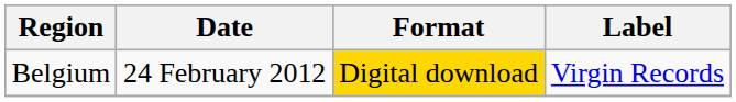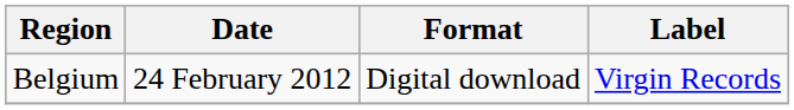 <table class=wikitable>
 <tr>
 <th>Region</th>
 <th>Date</th>
 <th>Format</th>
 <th>Label</th>
 </tr>
 <tr>
 <td>Belgium</td>
 <td>24 February 2012</td>
-<td style="background: gold;">Digital download</td>
+<td>Digital download</td>
 <td><a href='#'>Virgin Records</a></td>
 </tr>
 <tr>
 </tr>
 </table>
